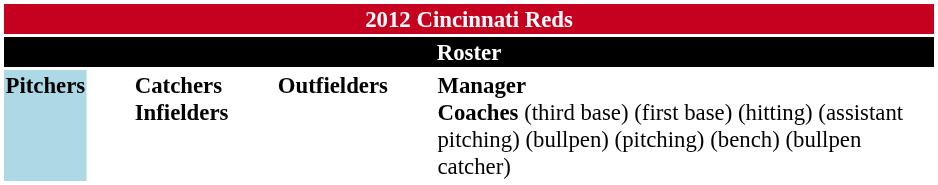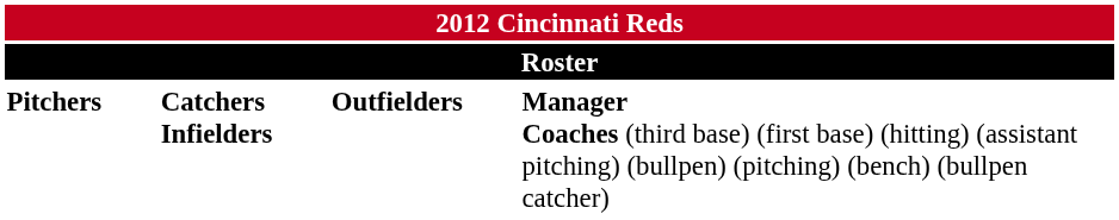 <table class="toccolours" style="font-size: 95%;">
 <tr>
 <th colspan="10" style="background-color: #c6011f; color: #FFFFFF; text-align: center;">2012 Cincinnati Reds</th>
 </tr>
 <tr>
 <td colspan="10" style="background-color: black; color: #FFFFFF; text-align: center;"><strong>Roster</strong></td>
 </tr>
 <tr>
-<td valign="top" style="background: lightblue;"><strong>Pitchers</strong><br>                </td>
+<td valign="top"><strong>Pitchers</strong><br>                </td>
 <td width="25px"></td>
 <td valign="top"><strong>Catchers</strong><br>   <strong>Infielders</strong>          </td>
 <td width="25px"></td>
 <td valign="top"><strong>Outfielders</strong><br>       </td>
 <td width="25px"></td>
 <td valign="top"><strong>Manager</strong><br> <strong>Coaches</strong>  (third base)  (first base)  (hitting)  (assistant pitching)  (bullpen)  (pitching)  (bench)  (bullpen catcher)</td>
 </tr>
 </table>
